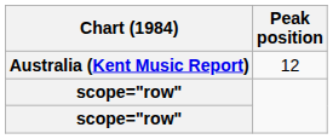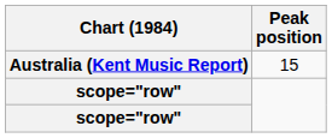 <table class="wikitable sortable plainrowheaders">
 <tr>
 <th scope="col">Chart (1984)</th>
 <th scope="col">Peak<br>position</th>
 </tr>
 <tr>
 <th scope="row">Australia (<a href='#'>Kent Music Report</a>)</th>
-<td style="text-align:center;">12</td>
+<td style="text-align:center;">15</td>
 </tr>
 <tr>
 <th>scope="row"</th>
 </tr>
 <tr>
 <th>scope="row"</th>
 </tr>
 </table>
